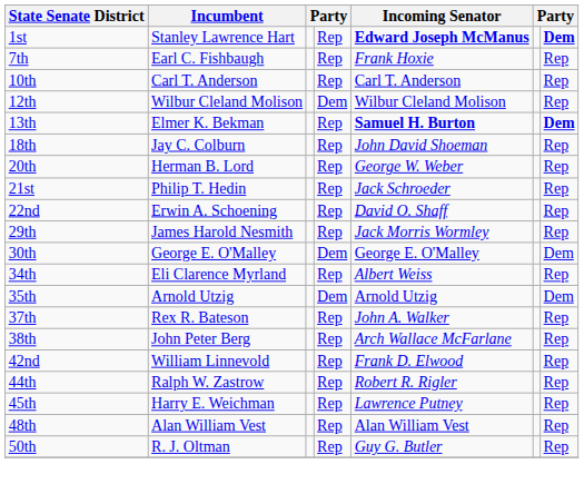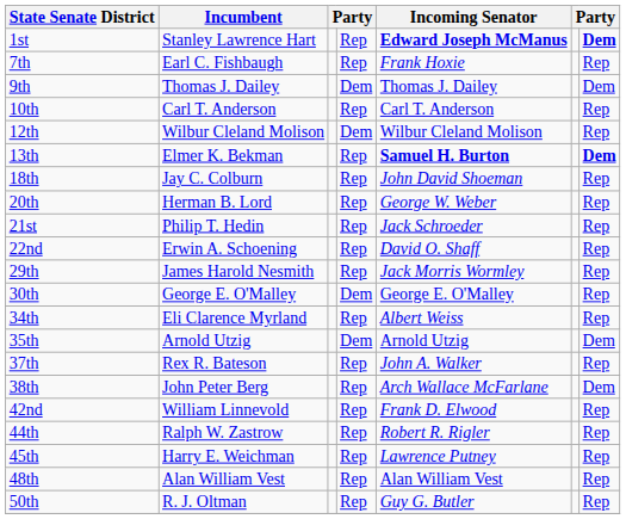 <table class="sortable wikitable" style="font-size:95%;line-height:14px;">
 <tr>
 <th class="unsortable"><a href='#'>State Senate</a> District</th>
 <th class="unsortable"><a href='#'>Incumbent</a></th>
 <th colspan="2">Party</th>
 <th class="unsortable">Incoming Senator</th>
 <th colspan="2">Party</th>
 </tr>
 <tr>
 <td><a href='#'>1st</a></td>
 <td><a href='#'>Stanley Lawrence Hart</a></td>
 <td style="background:"></td>
 <td><a href='#'>Rep</a></td>
 <td><strong><a href='#'>Edward Joseph McManus</a></strong></td>
 <td style="background:"></td>
 <td><strong><a href='#'>Dem</a></strong></td>
 </tr>
 <tr>
 <td><a href='#'>7th</a></td>
 <td><a href='#'>Earl C. Fishbaugh</a></td>
 <td style="background:"></td>
 <td><a href='#'>Rep</a></td>
 <td><em><a href='#'>Frank Hoxie</a></em></td>
 <td style="background:"></td>
 <td><a href='#'>Rep</a></td>
+</tr>
+<tr>
+<td><a href='#'>9th</a></td>
+<td><a href='#'>Thomas J. Dailey</a></td>
+<td style="background:"></td>
+<td><a href='#'>Dem</a></td>
+<td><a href='#'>Thomas J. Dailey</a></td>
+<td style="background:"></td>
+<td><a href='#'>Dem</a></td>
 </tr>
 <tr>
 <td><a href='#'>10th</a></td>
 <td><a href='#'>Carl T. Anderson</a></td>
 <td style="background:"></td>
 <td><a href='#'>Rep</a></td>
 <td><a href='#'>Carl T. Anderson</a></td>
 <td style="background:"></td>
 <td><a href='#'>Rep</a></td>
 </tr>
 <tr>
 <td><a href='#'>12th</a></td>
 <td><a href='#'>Wilbur Cleland Molison</a></td>
 <td style="background:"></td>
 <td><a href='#'>Dem</a></td>
 <td><a href='#'>Wilbur Cleland Molison</a></td>
 <td style="background:"></td>
 <td><a href='#'>Rep</a></td>
 </tr>
 <tr>
 <td><a href='#'>13th</a></td>
 <td><a href='#'>Elmer K. Bekman</a></td>
 <td style="background:"></td>
 <td><a href='#'>Rep</a></td>
 <td><strong><a href='#'>Samuel H. Burton</a></strong></td>
 <td style="background:"></td>
 <td><strong><a href='#'>Dem</a></strong></td>
 </tr>
 <tr>
 <td><a href='#'>18th</a></td>
 <td><a href='#'>Jay C. Colburn</a></td>
 <td style="background:"></td>
 <td><a href='#'>Rep</a></td>
 <td><em><a href='#'>John David Shoeman</a></em></td>
 <td style="background:"></td>
 <td><a href='#'>Rep</a></td>
 </tr>
 <tr>
 <td><a href='#'>20th</a></td>
 <td><a href='#'>Herman B. Lord</a></td>
 <td style="background:"></td>
 <td><a href='#'>Rep</a></td>
 <td><em><a href='#'>George W. Weber</a></em></td>
 <td style="background:"></td>
 <td><a href='#'>Rep</a></td>
 </tr>
 <tr>
 <td><a href='#'>21st</a></td>
 <td><a href='#'>Philip T. Hedin</a></td>
 <td style="background:"></td>
 <td><a href='#'>Rep</a></td>
 <td><em><a href='#'>Jack Schroeder</a></em></td>
 <td style="background:"></td>
 <td><a href='#'>Rep</a></td>
 </tr>
 <tr>
 <td><a href='#'>22nd</a></td>
 <td><a href='#'>Erwin A. Schoening</a></td>
 <td style="background:"></td>
 <td><a href='#'>Rep</a></td>
 <td><em><a href='#'>David O. Shaff</a></em></td>
 <td style="background:"></td>
 <td><a href='#'>Rep</a></td>
 </tr>
 <tr>
 <td><a href='#'>29th</a></td>
 <td><a href='#'>James Harold Nesmith</a></td>
 <td style="background:"></td>
 <td><a href='#'>Rep</a></td>
 <td><em><a href='#'>Jack Morris Wormley</a></em></td>
 <td style="background:"></td>
 <td><a href='#'>Rep</a></td>
 </tr>
 <tr>
 <td><a href='#'>30th</a></td>
 <td><a href='#'>George E. O'Malley</a></td>
 <td style="background:"></td>
 <td><a href='#'>Dem</a></td>
 <td><a href='#'>George E. O'Malley</a></td>
 <td style="background:"></td>
-<td><a href='#'>Dem</a></td>
+<td><a href='#'>Rep</a></td>
 </tr>
 <tr>
 <td><a href='#'>34th</a></td>
 <td><a href='#'>Eli Clarence Myrland</a></td>
 <td style="background:"></td>
 <td><a href='#'>Rep</a></td>
 <td><em><a href='#'>Albert Weiss</a></em></td>
 <td style="background:"></td>
 <td><a href='#'>Rep</a></td>
 </tr>
 <tr>
 <td><a href='#'>35th</a></td>
 <td><a href='#'>Arnold Utzig</a></td>
 <td style="background:"></td>
 <td><a href='#'>Dem</a></td>
 <td><a href='#'>Arnold Utzig</a></td>
 <td style="background:"></td>
 <td><a href='#'>Dem</a></td>
 </tr>
 <tr>
 <td><a href='#'>37th</a></td>
 <td><a href='#'>Rex R. Bateson</a></td>
 <td style="background:"></td>
 <td><a href='#'>Rep</a></td>
 <td><em><a href='#'>John A. Walker</a></em></td>
 <td style="background:"></td>
 <td><a href='#'>Rep</a></td>
 </tr>
 <tr>
 <td><a href='#'>38th</a></td>
 <td><a href='#'>John Peter Berg</a></td>
 <td style="background:"></td>
 <td><a href='#'>Rep</a></td>
 <td><em><a href='#'>Arch Wallace McFarlane</a></em></td>
 <td style="background:"></td>
-<td><a href='#'>Rep</a></td>
+<td><a href='#'>Dem</a></td>
 </tr>
 <tr>
 <td><a href='#'>42nd</a></td>
 <td><a href='#'>William Linnevold</a></td>
 <td style="background:"></td>
 <td><a href='#'>Rep</a></td>
 <td><em><a href='#'>Frank D. Elwood</a></em></td>
 <td style="background:"></td>
 <td><a href='#'>Rep</a></td>
 </tr>
 <tr>
 <td><a href='#'>44th</a></td>
 <td><a href='#'>Ralph W. Zastrow</a></td>
 <td style="background:"></td>
 <td><a href='#'>Rep</a></td>
 <td><em><a href='#'>Robert R. Rigler</a></em></td>
 <td style="background:"></td>
 <td><a href='#'>Rep</a></td>
 </tr>
 <tr>
 <td><a href='#'>45th</a></td>
 <td><a href='#'>Harry E. Weichman</a></td>
 <td style="background:"></td>
 <td><a href='#'>Rep</a></td>
 <td><em><a href='#'>Lawrence Putney</a></em></td>
 <td style="background:"></td>
 <td><a href='#'>Rep</a></td>
 </tr>
 <tr>
 <td><a href='#'>48th</a></td>
 <td><a href='#'>Alan William Vest</a></td>
 <td style="background:"></td>
 <td><a href='#'>Rep</a></td>
 <td><a href='#'>Alan William Vest</a></td>
 <td style="background:"></td>
 <td><a href='#'>Rep</a></td>
 </tr>
 <tr>
 <td><a href='#'>50th</a></td>
 <td><a href='#'>R. J. Oltman</a></td>
 <td style="background:"></td>
 <td><a href='#'>Rep</a></td>
 <td><em><a href='#'>Guy G. Butler</a></em></td>
 <td style="background:"></td>
 <td><a href='#'>Rep</a></td>
 </tr>
 <tr>
 </tr>
 </table>
